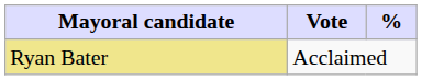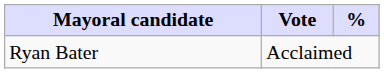 <table class="wikitable">
 <tr>
 <th style="background:#ddf; width:200px;">Mayoral candidate</th>
 <th style="background:#ddf; width:50px;">Vote</th>
 <th style="background:#ddf; width:30px;">%</th>
 </tr>
 <tr>
-<td style="background: khaki;">Ryan Bater</td>
+<td>Ryan Bater</td>
 <td colspan="2">Acclaimed</td>
 </tr>
 </table>
